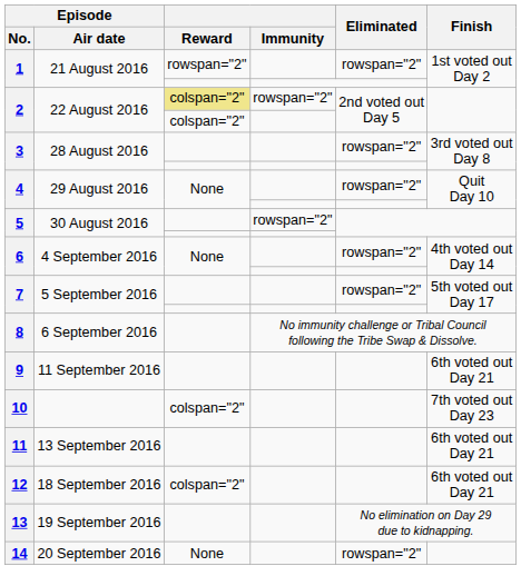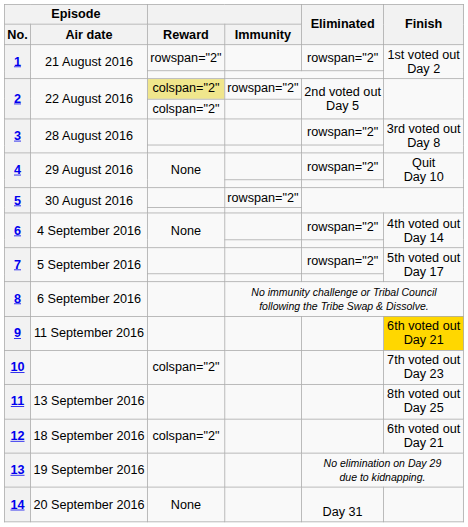 <table class="wikitable nowrap" style="text-align:center; font-size:100%">
 <tr>
 <th colspan="2"><strong>Episode</strong></th>
 <th colspan="2"><strong></strong></th>
 <th rowspan="2"><strong>Eliminated</strong></th>
 <th rowspan="2"><strong>Finish</strong></th>
 </tr>
 <tr>
 <th><strong>No.</strong></th>
 <th><strong>Air date</strong></th>
 <th><strong>Reward</strong></th>
 <th><strong>Immunity</strong></th>
 </tr>
 <tr>
 <th scope="row" align="left" rowspan="2"><a href='#'>1</a></th>
 <td rowspan="2">21 August 2016</td>
 <td>rowspan="2" </td>
 <td></td>
 <td>rowspan="2" </td>
 <td rowspan="2">1st voted out<br>Day 2</td>
 </tr>
 <tr>
 <td></td>
 </tr>
 <tr>
 <th rowspan="2"><a href='#'>2</a></th>
 <td rowspan="2">22 August 2016</td>
 <td style="background: khaki;">colspan="2" </td>
 <td>rowspan="2" </td>
 <td rowspan="2">2nd voted out<br>Day 5</td>
 </tr>
 <tr>
 <td>colspan="2" </td>
 </tr>
 <tr>
 <th rowspan="2"><a href='#'>3</a></th>
 <td rowspan="2">28 August 2016</td>
 <td></td>
 <td></td>
 <td>rowspan="2" </td>
 <td rowspan="2">3rd voted out<br>Day 8</td>
 </tr>
 <tr>
 <td></td>
 <td></td>
 </tr>
 <tr>
 <th rowspan="2"><a href='#'>4</a></th>
 <td rowspan="2">29 August 2016</td>
 <td rowspan="2">None</td>
 <td></td>
 <td>rowspan="2" </td>
 <td rowspan="2">Quit<br>Day 10</td>
 </tr>
 <tr>
 <td></td>
 </tr>
 <tr>
 <th rowspan="2"><a href='#'>5</a></th>
 <td rowspan="2">30 August 2016</td>
 <td></td>
 <td>rowspan="2" </td>
 <td rowspan="2" colspan="2"><small><em><br></em></small></td>
 </tr>
 <tr>
 <td></td>
 </tr>
 <tr>
 <th rowspan="2"><a href='#'>6</a></th>
 <td rowspan="2">4 September 2016</td>
 <td rowspan="2">None</td>
 <td></td>
 <td>rowspan="2" </td>
 <td rowspan="2">4th voted out<br>Day 14</td>
 </tr>
 <tr>
 <td></td>
 </tr>
 <tr>
 <th rowspan="2"><a href='#'>7</a></th>
 <td rowspan="2">5 September 2016</td>
 <td></td>
 <td></td>
 <td>rowspan="2" </td>
 <td rowspan="2">5th voted out<br>Day 17</td>
 </tr>
 <tr>
 <td></td>
 <td></td>
 </tr>
 <tr>
 <th><a href='#'>8</a></th>
 <td>6 September 2016</td>
 <td></td>
 <td colspan="3"><small><em>No immunity challenge or Tribal Council <br>following the Tribe Swap & Dissolve.</em></small></td>
 </tr>
 <tr>
 <th><a href='#'>9</a></th>
 <td>11 September 2016</td>
 <td></td>
 <td></td>
 <td></td>
-<td>6th voted out<br>Day 21</td>
+<td style="background: gold;">6th voted out<br>Day 21</td>
 </tr>
 <tr>
 <th><a href='#'>10</a></th>
 <td></td>
 <td>colspan="2" </td>
 <td></td>
 <td></td>
 <td>7th voted out<br>Day 23</td>
 </tr>
 <tr>
 <th><a href='#'>11</a></th>
 <td>13 September 2016</td>
 <td></td>
 <td></td>
 <td></td>
-<td>6th voted out<br>Day 21</td>
+<td>8th voted out<br>Day 25</td>
 </tr>
 <tr>
 <th><a href='#'>12</a></th>
 <td>18 September 2016</td>
 <td>colspan="2" </td>
 <td></td>
 <td></td>
 <td>6th voted out<br>Day 21</td>
 </tr>
 <tr>
 <th><a href='#'>13</a></th>
 <td>19 September 2016</td>
 <td></td>
 <td></td>
 <td colspan="2"><small><em>No elimination on Day 29<br>due to kidnapping.</em></small></td>
 </tr>
 <tr>
 <th><a href='#'>14</a></th>
 <td>20 September 2016</td>
 <td>None</td>
 <td></td>
-<td>rowspan="2" </td>
+<td><br>Day 31</td>
 </tr>
 </table>
